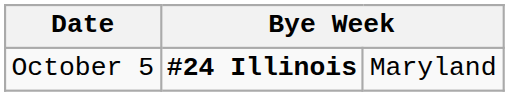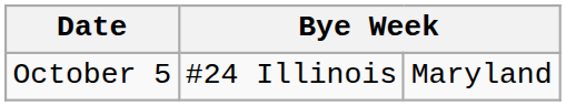 <table class="wikitable" style="font-size:95%;">
 <tr>
 <th>Date</th>
 <th colspan="2">Bye Week</th>
 </tr>
 <tr>
 <td>October 5</td>
-<td><strong>#24 Illinois</strong></td>
+<td>#24 Illinois</td>
 <td>Maryland</td>
 </tr>
 </table>
